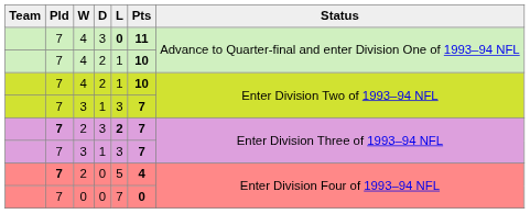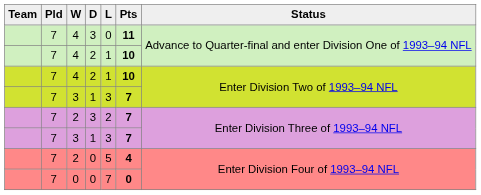 <table style=border-collapse:collapse border=1 cellspacing=0 cellpadding=5>
 <tr align=center bgcolor=#efefef>
 <th>Team</th>
 <th>Pld</th>
 <th>W</th>
 <th>D</th>
 <th>L</th>
 <th>Pts</th>
 <th>Status</th>
 </tr>
 <tr align=center style="background:#D0F0C0;">
 <td style="text-align:left;"> </td>
 <td>7</td>
 <td>4</td>
 <td>3</td>
-<td><strong>0</strong></td>
+<td>0</td>
 <td><strong>11</strong></td>
 <td rowspan=2>Advance to Quarter-final and enter Division One of <a href='#'>1993–94 NFL</a></td>
 </tr>
 <tr align=center style="background:#D0F0C0;">
 <td style="text-align:left;"> </td>
 <td>7</td>
 <td>4</td>
 <td>2</td>
 <td>1</td>
 <td><strong>10</strong></td>
 </tr>
 <tr align=center style="background:#D1E231">
 <td style="text-align:left;"> </td>
 <td>7</td>
 <td>4</td>
 <td>2</td>
 <td>1</td>
 <td><strong>10</strong></td>
 <td rowspan=2>Enter Division Two of <a href='#'>1993–94 NFL</a></td>
 </tr>
 <tr align=center style="background:#D1E231">
 <td style="text-align:left;"> </td>
 <td>7</td>
 <td>3</td>
 <td>1</td>
 <td>3</td>
 <td><strong>7</strong></td>
 </tr>
 <tr align=center style="background:#dda0dd;">
 <td style="text-align:left;"> </td>
-<td><strong>7</strong></td>
+<td>7</td>
 <td>2</td>
 <td>3</td>
-<td><strong>2</strong></td>
+<td>2</td>
 <td><strong>7</strong></td>
 <td rowspan=2>Enter Division Three of <a href='#'>1993–94 NFL</a></td>
 </tr>
 <tr align=center style="background:#dda0dd;">
 <td style="text-align:left;"> </td>
 <td>7</td>
 <td>3</td>
 <td>1</td>
 <td>3</td>
 <td><strong>7</strong></td>
 </tr>
 <tr align=center style="background:#FF8888;">
 <td style="text-align:left;"> </td>
-<td><strong>7</strong></td>
+<td>7</td>
 <td>2</td>
 <td>0</td>
 <td>5</td>
 <td><strong>4</strong></td>
 <td rowspan=2>Enter Division Four of <a href='#'>1993–94 NFL</a></td>
 </tr>
 <tr align=center style="background:#FF8888;">
 <td style="text-align:left;"> </td>
 <td>7</td>
 <td>0</td>
 <td>0</td>
 <td>7</td>
 <td><strong>0</strong></td>
 </tr>
 </table>
